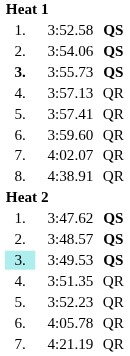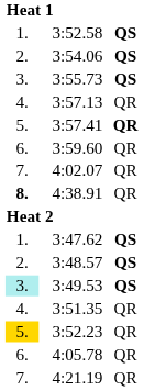 <table style="text-align:center">
 <tr>
 <td colspan=4 align=left><strong>Heat 1</strong></td>
 </tr>
 <tr>
 <td width=30>1.</td>
 <td align=left></td>
 <td width=60>3:52.58</td>
 <td><strong>QS</strong></td>
 </tr>
 <tr>
 <td>2.</td>
 <td align=left></td>
 <td>3:54.06</td>
 <td><strong>QS</strong></td>
 </tr>
 <tr>
-<td><strong>3.</strong></td>
+<td>3.</td>
 <td align=left></td>
 <td>3:55.73</td>
 <td><strong>QS</strong></td>
 </tr>
 <tr>
 <td>4.</td>
 <td align=left></td>
 <td>3:57.13</td>
 <td>QR</td>
 </tr>
 <tr>
 <td>5.</td>
 <td align=left></td>
 <td>3:57.41</td>
-<td>QR</td>
+<td><strong>QR</strong></td>
 </tr>
 <tr>
 <td>6.</td>
 <td align=left></td>
 <td>3:59.60</td>
 <td>QR</td>
 </tr>
 <tr>
 <td>7.</td>
 <td align=left></td>
 <td>4:02.07</td>
 <td>QR</td>
 </tr>
 <tr>
-<td>8.</td>
+<td><strong>8.</strong></td>
 <td align=left></td>
 <td>4:38.91</td>
 <td>QR</td>
 </tr>
 <tr>
 <td colspan=4 align=left><strong>Heat 2</strong></td>
 </tr>
 <tr>
 <td>1.</td>
 <td align=left></td>
 <td>3:47.62</td>
 <td><strong>QS</strong></td>
 </tr>
 <tr>
 <td>2.</td>
 <td align=left></td>
 <td>3:48.57</td>
 <td><strong>QS</strong></td>
 </tr>
 <tr>
 <td style="background: paleturquoise;">3.</td>
 <td align=left></td>
 <td>3:49.53</td>
 <td><strong>QS</strong></td>
 </tr>
 <tr>
 <td>4.</td>
 <td align=left></td>
 <td>3:51.35</td>
 <td>QR</td>
 </tr>
 <tr>
-<td>5.</td>
+<td style="background: gold;">5.</td>
 <td align=left></td>
 <td>3:52.23</td>
 <td>QR</td>
 </tr>
 <tr>
 <td>6.</td>
 <td align=left></td>
 <td>4:05.78</td>
 <td>QR</td>
 </tr>
 <tr>
 <td>7.</td>
 <td align=left></td>
 <td>4:21.19</td>
 <td>QR</td>
 </tr>
 </table>
